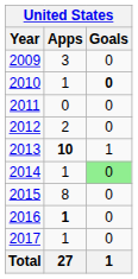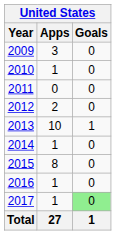 <table class="wikitable" style="text-align:center">
 <tr>
 <th colspan=3><a href='#'>United States</a></th>
 </tr>
 <tr>
 <th>Year</th>
 <th>Apps</th>
 <th>Goals</th>
 </tr>
 <tr>
 <td><a href='#'>2009</a></td>
 <td>3</td>
 <td>0</td>
 </tr>
 <tr>
 <td><a href='#'>2010</a></td>
 <td>1</td>
-<td><strong>0</strong></td>
+<td>0</td>
 </tr>
 <tr>
 <td><a href='#'>2011</a></td>
 <td>0</td>
 <td>0</td>
 </tr>
 <tr>
 <td><a href='#'>2012</a></td>
 <td>2</td>
 <td>0</td>
 </tr>
 <tr>
 <td><a href='#'>2013</a></td>
-<td><strong>10</strong></td>
+<td>10</td>
 <td>1</td>
 </tr>
 <tr>
 <td><a href='#'>2014</a></td>
 <td>1</td>
-<td style="background: lightgreen;">0</td>
+<td>0</td>
 </tr>
 <tr>
 <td><a href='#'>2015</a></td>
 <td>8</td>
 <td>0</td>
 </tr>
 <tr>
 <td><a href='#'>2016</a></td>
-<td><strong>1</strong></td>
+<td>1</td>
 <td>0</td>
 </tr>
 <tr>
 <td><a href='#'>2017</a></td>
 <td>1</td>
-<td>0</td>
+<td style="background: lightgreen;">0</td>
 </tr>
 <tr>
 <th>Total</th>
 <th>27</th>
 <th>1</th>
 </tr>
 </table>
